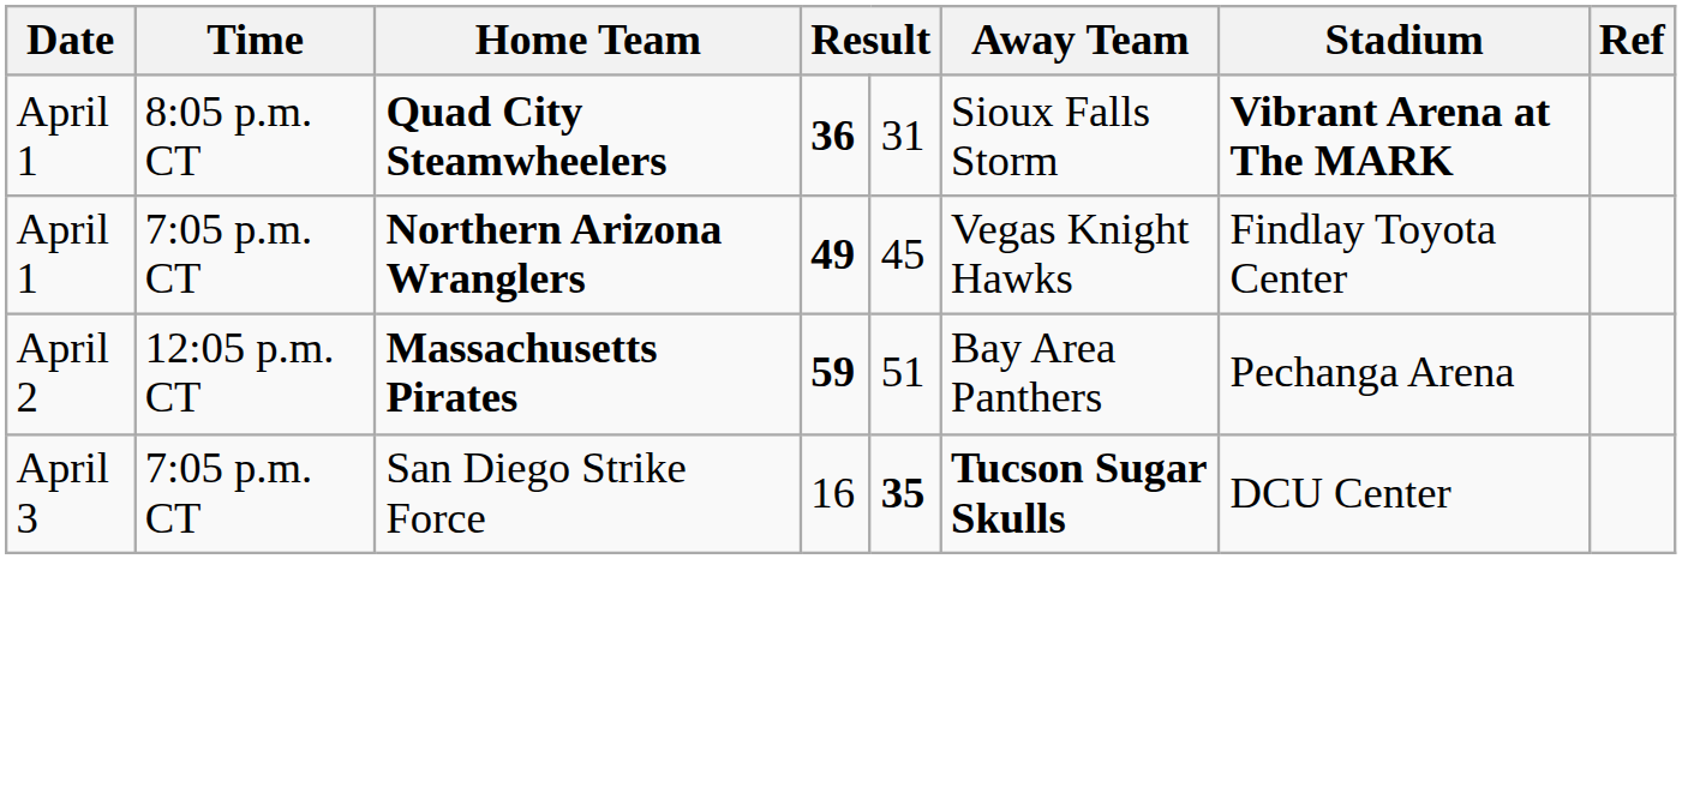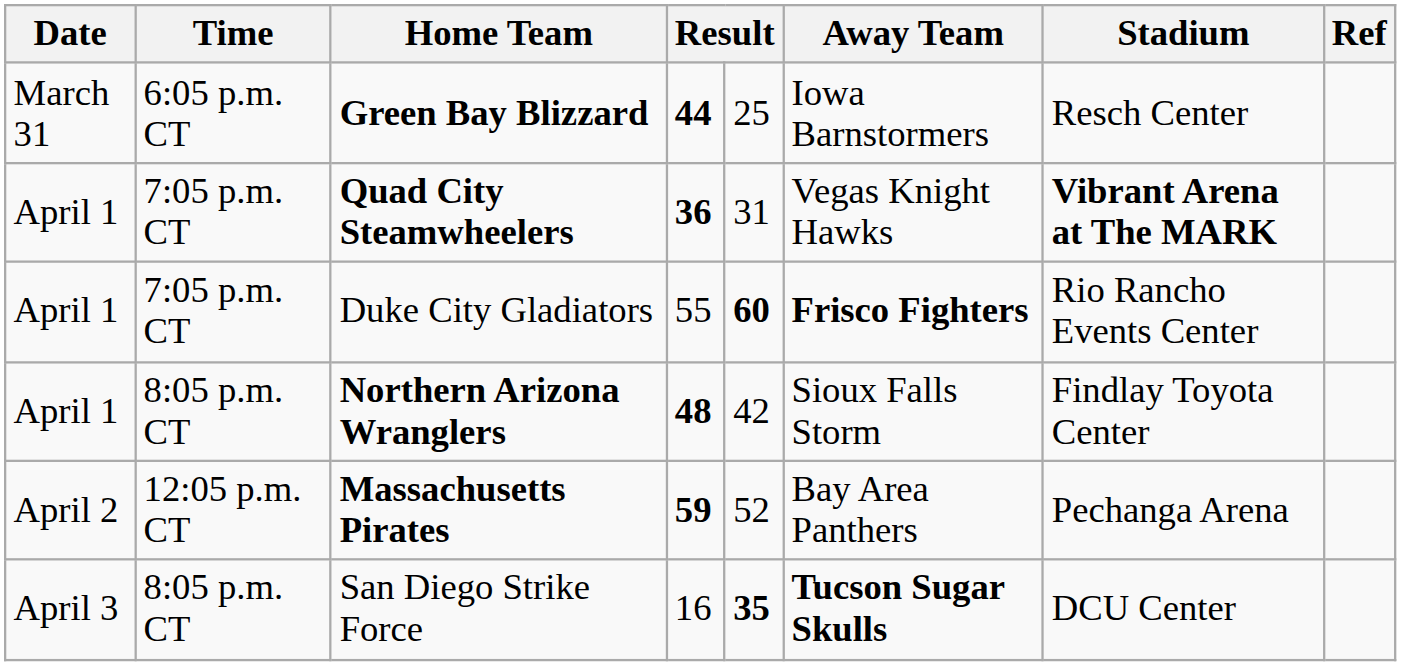 <table class="wikitable">
 <tr>
 <th>Date</th>
 <th>Time</th>
 <th>Home Team</th>
 <th colspan="2">Result</th>
 <th>Away Team</th>
 <th>Stadium</th>
 <th>Ref</th>
 </tr>
 <tr>
+<td>March 31</td>
+<td>6:05 p.m. CT</td>
+<td><strong>Green Bay Blizzard</strong></td>
+<td><strong>44</strong></td>
+<td>25</td>
+<td>Iowa Barnstormers</td>
+<td>Resch Center</td>
+<td></td>
+</tr>
+<tr>
 <td>April 1</td>
-<td>8:05 p.m. CT</td>
+<td>7:05 p.m. CT</td>
 <td><strong>Quad City Steamwheelers</strong></td>
 <td><strong>36</strong></td>
 <td>31</td>
-<td>Sioux Falls Storm</td>
+<td>Vegas Knight Hawks</td>
 <td><strong>Vibrant Arena at The MARK</strong></td>
 <td></td>
 </tr>
 <tr>
 <td>April 1</td>
 <td>7:05 p.m. CT</td>
+<td>Duke City Gladiators</td>
+<td>55</td>
+<td><strong>60</strong></td>
+<td><strong>Frisco Fighters</strong></td>
+<td>Rio Rancho Events Center</td>
+<td></td>
+</tr>
+<tr>
+<td>April 1</td>
+<td>8:05 p.m. CT</td>
 <td><strong>Northern Arizona Wranglers</strong></td>
-<td><strong>49</strong></td>
-<td>45</td>
-<td>Vegas Knight Hawks</td>
+<td><strong>48</strong></td>
+<td>42</td>
+<td>Sioux Falls Storm</td>
 <td>Findlay Toyota Center</td>
 <td></td>
 </tr>
 <tr>
 <td>April 2</td>
 <td>12:05 p.m. CT</td>
 <td><strong>Massachusetts Pirates</strong></td>
 <td><strong>59</strong></td>
-<td>51</td>
+<td>52</td>
 <td>Bay Area Panthers</td>
 <td>Pechanga Arena</td>
 <td></td>
 </tr>
 <tr>
 <td>April 3</td>
-<td>7:05 p.m. CT</td>
+<td>8:05 p.m. CT</td>
 <td>San Diego Strike Force</td>
 <td>16</td>
 <td><strong>35</strong></td>
 <td><strong>Tucson Sugar Skulls</strong></td>
 <td>DCU Center</td>
 <td></td>
 </tr>
 </table>
